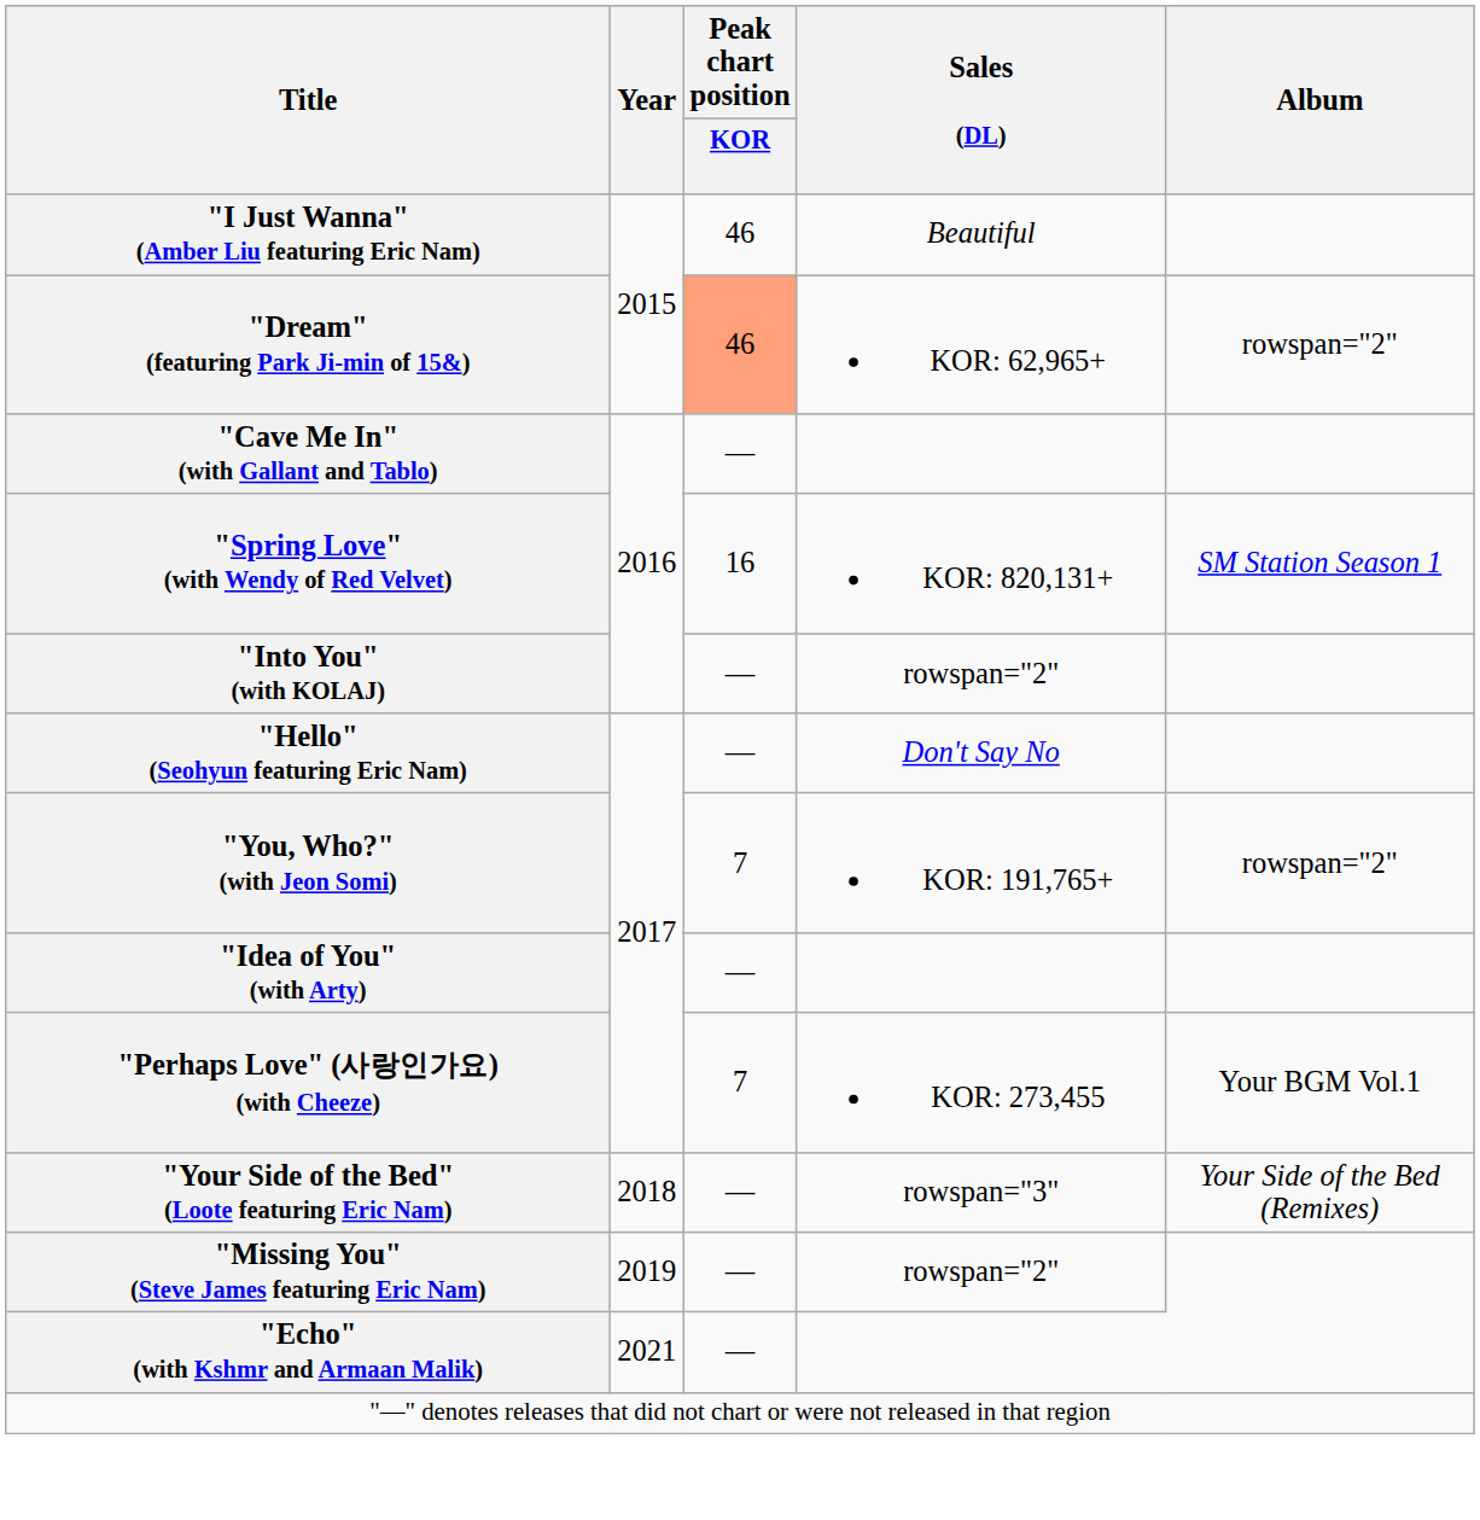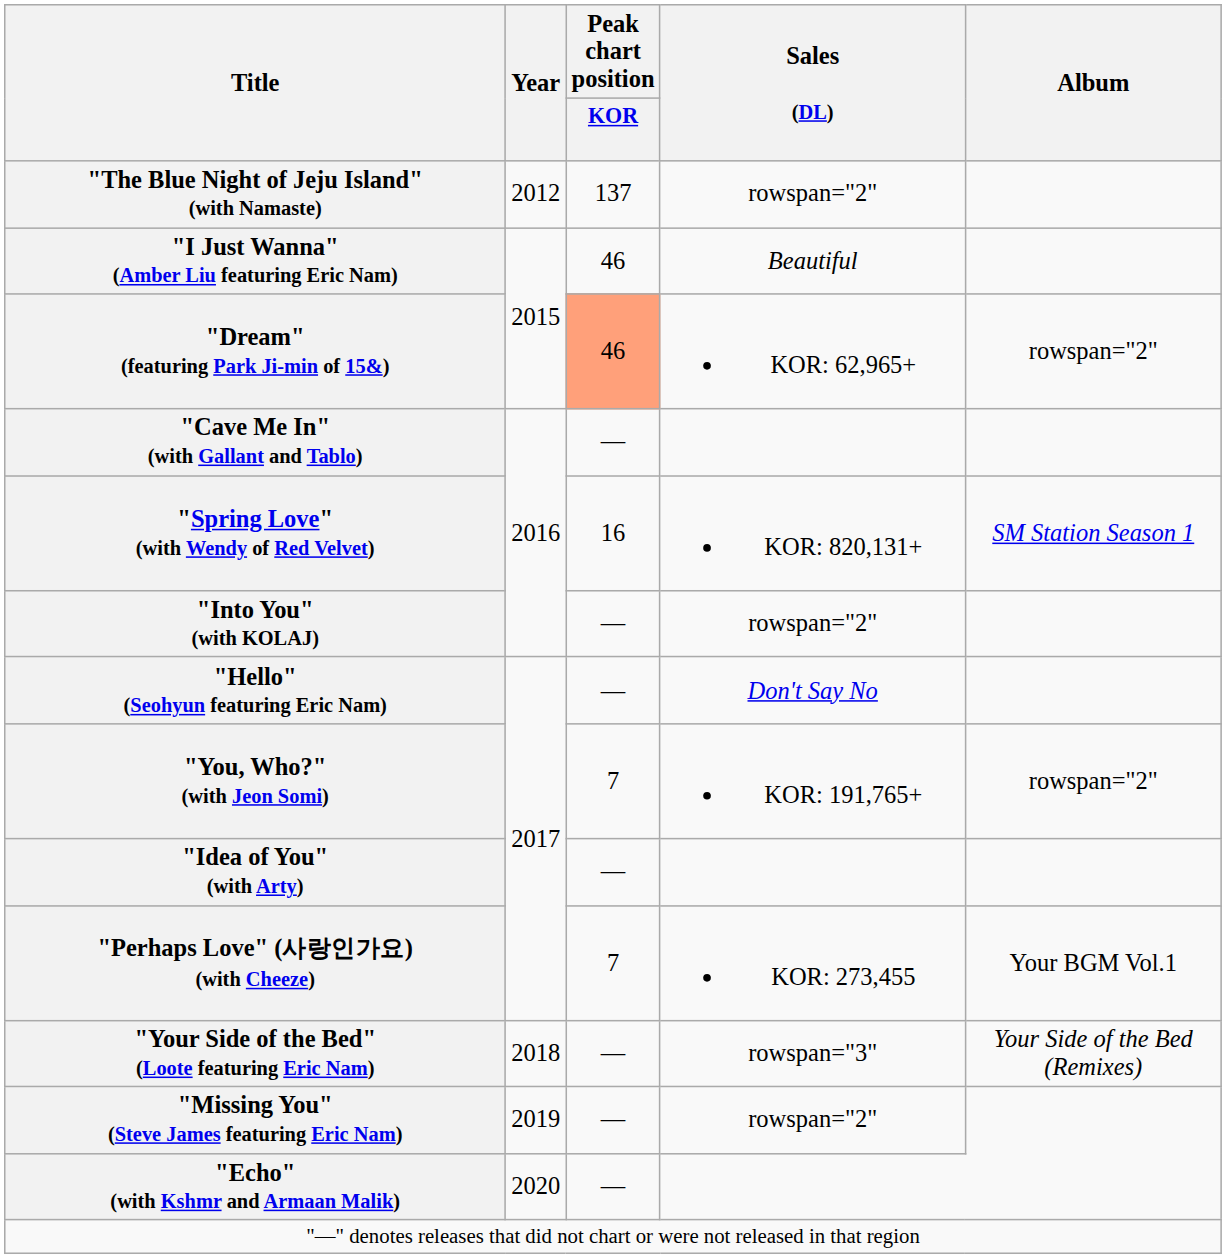 <table class="wikitable plainrowheaders" style="text-align:center;">
 <tr>
 <th rowspan="2" scope="col" style="width:20em;">Title</th>
 <th rowspan="2" scope="col">Year</th>
 <th scope="col">Peak chart position</th>
 <th rowspan="2" scope="col" style="width:12em;">Sales<br><br><small>(<a href='#'>DL</a>)</small></th>
 <th rowspan="2" scope="col" style="width:10em;">Album</th>
 </tr>
 <tr>
 <th scope="col" style="width:3em;font-size:90%;"><a href='#'>KOR</a><br><br></th>
+</tr>
+<tr>
+<th scope="row">"The Blue Night of Jeju Island"<br><small>(with Namaste)</small></th>
+<td>2012</td>
+<td>137</td>
+<td>rowspan="2" </td>
+<td></td>
 </tr>
 <tr>
 <th scope="row">"I Just Wanna"<br><small>(<a href='#'>Amber Liu</a> featuring Eric Nam)</small></th>
 <td rowspan="2">2015</td>
 <td>46</td>
 <td><em>Beautiful </em></td>
 </tr>
 <tr>
 <th scope="row">"Dream"<br><small>(featuring <a href='#'>Park Ji-min</a> of <a href='#'>15&</a>)</small></th>
 <td style="background: lightsalmon;">46</td>
 <td><br><ul><li>KOR: 62,965+</li></ul></td>
 <td>rowspan="2" </td>
 </tr>
 <tr>
 <th scope="row">"Cave Me In"<br><small>(with <a href='#'>Gallant</a> and <a href='#'>Tablo</a>)</small></th>
 <td rowspan="3">2016</td>
 <td>—</td>
 <td></td>
 </tr>
 <tr>
 <th scope="row">"<a href='#'>Spring Love</a>"<br><small>(with <a href='#'>Wendy</a> of <a href='#'>Red Velvet</a>)</small></th>
 <td>16</td>
 <td><br><ul><li>KOR: 820,131+</li></ul></td>
 <td><em><a href='#'>SM Station Season 1</a></em></td>
 </tr>
 <tr>
 <th scope="row">"Into You"<br><small>(with KOLAJ)</small></th>
 <td>—</td>
 <td>rowspan="2" </td>
 <td></td>
 </tr>
 <tr>
 <th scope="row">"Hello"<br><small>(<a href='#'>Seohyun</a> featuring Eric Nam)</small></th>
 <td rowspan="4">2017</td>
 <td>—</td>
 <td><a href='#'><em>Don't Say No</em></a></td>
 </tr>
 <tr>
 <th scope="row">"You, Who?"<br><small>(with <a href='#'>Jeon Somi</a>)</small></th>
 <td>7</td>
 <td><br><ul><li>KOR: 191,765+</li></ul></td>
 <td>rowspan="2" </td>
 </tr>
 <tr>
 <th scope="row">"Idea of You"<br><small>(with <a href='#'>Arty</a>)</small></th>
 <td>—</td>
 <td></td>
 </tr>
 <tr>
 <th scope="row">"Perhaps Love" (사랑인가요)<br><small>(with <a href='#'>Cheeze</a>)</small></th>
 <td>7</td>
 <td><br><ul><li>KOR: 273,455</li></ul></td>
 <td>Your BGM Vol.1</td>
 </tr>
 <tr>
 <th scope="row">"Your Side of the Bed"<br><small>(<a href='#'>Loote</a> featuring <a href='#'>Eric Nam</a>)</small></th>
 <td>2018</td>
 <td>—</td>
 <td>rowspan="3" </td>
 <td><em>Your Side of the Bed (Remixes)</em></td>
 </tr>
 <tr>
 <th scope="row">"Missing You"<br><small>(<a href='#'>Steve James</a> featuring <a href='#'>Eric Nam</a>)</small></th>
 <td>2019</td>
 <td>—</td>
 <td>rowspan="2" </td>
 </tr>
 <tr>
 <th scope="row">"Echo" <br><small>(with <a href='#'>Kshmr</a> and <a href='#'>Armaan Malik</a>)</small></th>
-<td>2021</td>
+<td>2020</td>
 <td>—</td>
 </tr>
 <tr>
 <td colspan="5" style="font-size:85%;">"—" denotes releases that did not chart or were not released in that region</td>
 </tr>
 </table>
